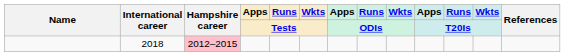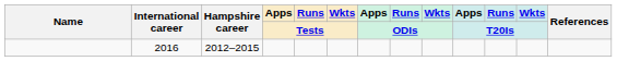 <table class="wikitable sortable" style="text-align: center;">
 <tr>
 <th style="width:180px" rowspan="2">Name</th>
 <th rowspan="2">International<br>career</th>
 <th rowspan="2">Hampshire<br>career</th>
 <th style="background:#faecc8">Apps</th>
 <th style="background:#faecc8"><a href='#'>Runs</a></th>
 <th style="background:#faecc8"><a href='#'>Wkts</a></th>
 <th style="background:#cef2e0">Apps</th>
 <th style="background:#cef2e0"><a href='#'>Runs</a></th>
 <th style="background:#cef2e0"><a href='#'>Wkts</a></th>
 <th style="background:#CFECEC">Apps</th>
 <th style="background:#CFECEC"><a href='#'>Runs</a></th>
 <th style="background:#CFECEC"><a href='#'>Wkts</a></th>
 <th class="unsortable" rowspan="2">References</th>
 </tr>
 <tr class="unsortable">
 <th colspan="3" style="background:#faecc8"><a href='#'>Tests</a></th>
 <th colspan="3" style="background:#cef2e0"><a href='#'>ODIs</a></th>
 <th colspan="3" style="background:#CFECEC"><a href='#'>T20Is</a></th>
 </tr>
 <tr>
 <td></td>
-<td>2018</td>
-<td style="background: pink;">2012–2015</td>
+<td>2016</td>
+<td>2012–2015</td>
 <td></td>
 <td></td>
 <td></td>
 <td></td>
 <td></td>
 <td></td>
 <td></td>
 <td></td>
 <td></td>
 <td></td>
 </tr>
 </table>
